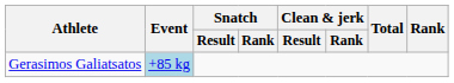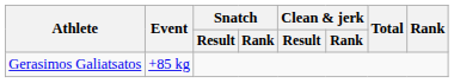 <table class="wikitable" style="font-size:90%">
 <tr>
 <th rowspan="2">Athlete</th>
 <th rowspan="2">Event</th>
 <th colspan="2">Snatch</th>
 <th colspan="2">Clean & jerk</th>
 <th rowspan="2">Total</th>
 <th rowspan="2">Rank</th>
 </tr>
 <tr style="font-size:95%">
 <th>Result</th>
 <th>Rank</th>
 <th>Result</th>
 <th>Rank</th>
 </tr>
 <tr align=center>
 <td align=left><a href='#'>Gerasimos Galiatsatos</a></td>
-<td align=left style="background: lightblue;"><a href='#'>+85 kg</a></td>
+<td align=left><a href='#'>+85 kg</a></td>
 <td colspan=6></td>
 </tr>
 </table>
